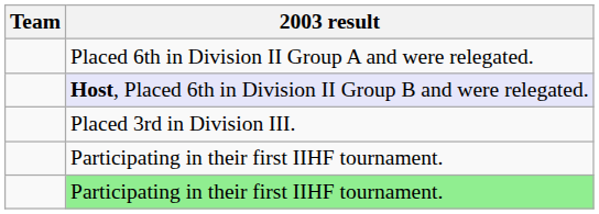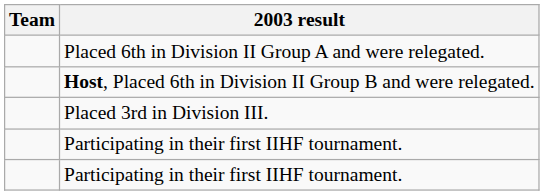 <table class="wikitable">
 <tr>
 <th>Team</th>
 <th>2003 result</th>
 </tr>
 <tr>
 <td></td>
 <td>Placed 6th in Division II Group A and were relegated.</td>
 </tr>
 <tr>
 <td></td>
-<td style="background: lavender;"><strong>Host</strong>, Placed 6th in Division II Group B and were relegated.</td>
+<td><strong>Host</strong>, Placed 6th in Division II Group B and were relegated.</td>
 </tr>
 <tr>
 <td></td>
 <td>Placed 3rd in Division III.</td>
 </tr>
 <tr>
 <td></td>
 <td>Participating in their first IIHF tournament.</td>
 </tr>
 <tr>
 <td></td>
-<td style="background: lightgreen;">Participating in their first IIHF tournament.</td>
+<td>Participating in their first IIHF tournament.</td>
 </tr>
 </table>
